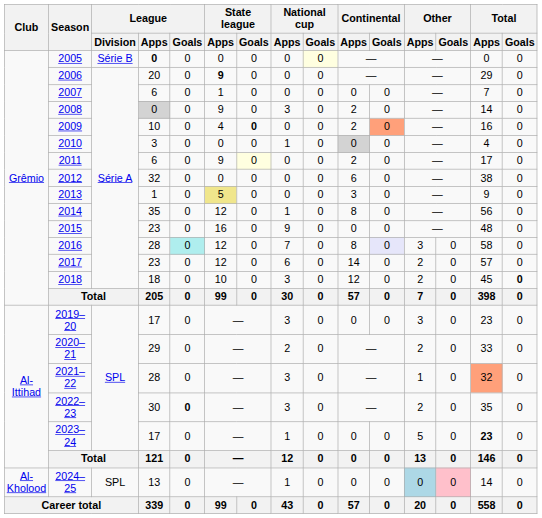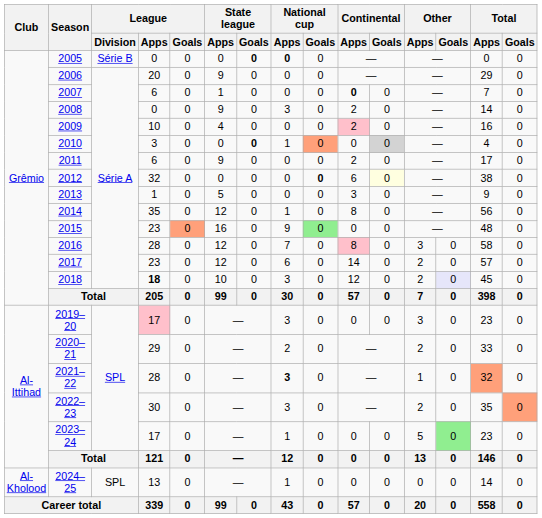 <table class="wikitable" style="text-align:center">
 <tr>
 <th rowspan="2">Club</th>
 <th rowspan="2">Season</th>
 <th colspan="3">League</th>
 <th colspan="2">State league</th>
 <th colspan="2">National cup</th>
 <th colspan="2">Continental</th>
 <th colspan="2">Other</th>
 <th colspan="2">Total</th>
 </tr>
 <tr>
 <th>Division</th>
 <th>Apps</th>
 <th>Goals</th>
 <th>Apps</th>
 <th>Goals</th>
 <th>Apps</th>
 <th>Goals</th>
 <th>Apps</th>
 <th>Goals</th>
 <th>Apps</th>
 <th>Goals</th>
 <th>Apps</th>
 <th>Goals</th>
 </tr>
 <tr>
 <td rowspan="15"><a href='#'>Grêmio</a></td>
 <td><a href='#'>2005</a></td>
 <td><a href='#'>Série B</a></td>
-<td><strong>0</strong></td>
 <td>0</td>
 <td>0</td>
 <td>0</td>
+<td><strong>0</strong></td>
+<td><strong>0</strong></td>
 <td>0</td>
-<td style="background: lightyellow;">0</td>
 <td colspan="2">—</td>
 <td colspan="2">—</td>
 <td>0</td>
 <td>0</td>
 </tr>
 <tr>
 <td><a href='#'>2006</a></td>
 <td rowspan="13"><a href='#'>Série A</a></td>
 <td>20</td>
 <td>0</td>
-<td><strong>9</strong></td>
+<td>9</td>
 <td>0</td>
 <td>0</td>
 <td>0</td>
 <td colspan="2">—</td>
 <td colspan="2">—</td>
 <td>29</td>
 <td>0</td>
 </tr>
 <tr>
 <td><a href='#'>2007</a></td>
 <td>6</td>
 <td>0</td>
 <td>1</td>
 <td>0</td>
 <td>0</td>
 <td>0</td>
-<td>0</td>
+<td><strong>0</strong></td>
 <td>0</td>
 <td colspan="2">—</td>
 <td>7</td>
 <td>0</td>
 </tr>
 <tr>
 <td><a href='#'>2008</a></td>
-<td style="background: lightgrey;">0</td>
+<td>0</td>
 <td>0</td>
 <td>9</td>
 <td>0</td>
 <td>3</td>
 <td>0</td>
 <td>2</td>
 <td>0</td>
 <td colspan="2">—</td>
 <td>14</td>
 <td>0</td>
 </tr>
 <tr>
 <td><a href='#'>2009</a></td>
 <td>10</td>
 <td>0</td>
 <td>4</td>
-<td><strong>0</strong></td>
 <td>0</td>
 <td>0</td>
-<td>2</td>
-<td style="background: lightsalmon;">0</td>
+<td>0</td>
+<td style="background: pink;">2</td>
+<td>0</td>
 <td colspan="2">—</td>
 <td>16</td>
 <td>0</td>
 </tr>
 <tr>
 <td><a href='#'>2010</a></td>
 <td>3</td>
 <td>0</td>
 <td>0</td>
-<td>0</td>
+<td><strong>0</strong></td>
 <td>1</td>
+<td style="background: lightsalmon;">0</td>
 <td>0</td>
 <td style="background: lightgrey;">0</td>
-<td>0</td>
 <td colspan="2">—</td>
 <td>4</td>
 <td>0</td>
 </tr>
 <tr>
 <td><a href='#'>2011</a></td>
 <td>6</td>
 <td>0</td>
 <td>9</td>
-<td style="background: lightyellow;">0</td>
+<td>0</td>
 <td>0</td>
 <td>0</td>
 <td>2</td>
 <td>0</td>
 <td colspan="2">—</td>
 <td>17</td>
 <td>0</td>
 </tr>
 <tr>
 <td><a href='#'>2012</a></td>
 <td>32</td>
 <td>0</td>
 <td>0</td>
 <td>0</td>
 <td>0</td>
-<td>0</td>
+<td><strong>0</strong></td>
 <td>6</td>
-<td>0</td>
+<td style="background: lightyellow;">0</td>
 <td colspan="2">—</td>
 <td>38</td>
 <td>0</td>
 </tr>
 <tr>
 <td><a href='#'>2013</a></td>
 <td>1</td>
 <td>0</td>
-<td style="background: khaki;">5</td>
+<td>5</td>
 <td>0</td>
 <td>0</td>
 <td>0</td>
 <td>3</td>
 <td>0</td>
 <td colspan="2">—</td>
 <td>9</td>
 <td>0</td>
 </tr>
 <tr>
 <td><a href='#'>2014</a></td>
 <td>35</td>
 <td>0</td>
 <td>12</td>
 <td>0</td>
 <td>1</td>
 <td>0</td>
 <td>8</td>
 <td>0</td>
 <td colspan="2">—</td>
 <td>56</td>
 <td>0</td>
 </tr>
 <tr>
 <td><a href='#'>2015</a></td>
 <td>23</td>
-<td>0</td>
+<td style="background: lightsalmon;">0</td>
 <td>16</td>
 <td>0</td>
 <td>9</td>
-<td>0</td>
+<td style="background: lightgreen;">0</td>
 <td>0</td>
 <td>0</td>
 <td colspan="2">—</td>
 <td>48</td>
 <td>0</td>
 </tr>
 <tr>
 <td><a href='#'>2016</a></td>
 <td>28</td>
-<td style="background: paleturquoise;">0</td>
+<td>0</td>
 <td>12</td>
 <td>0</td>
 <td>7</td>
 <td>0</td>
-<td>8</td>
-<td style="background: lavender;">0</td>
+<td style="background: pink;">8</td>
+<td>0</td>
 <td>3</td>
 <td>0</td>
 <td>58</td>
 <td>0</td>
 </tr>
 <tr>
 <td><a href='#'>2017</a></td>
 <td>23</td>
 <td>0</td>
 <td>12</td>
 <td>0</td>
 <td>6</td>
 <td>0</td>
 <td>14</td>
 <td>0</td>
 <td>2</td>
 <td>0</td>
 <td>57</td>
 <td>0</td>
 </tr>
 <tr>
 <td><a href='#'>2018</a></td>
-<td>18</td>
+<td><strong>18</strong></td>
 <td>0</td>
 <td>10</td>
 <td>0</td>
 <td>3</td>
 <td>0</td>
 <td>12</td>
 <td>0</td>
 <td>2</td>
+<td style="background: lavender;">0</td>
+<td>45</td>
 <td>0</td>
-<td>45</td>
-<td><strong>0</strong></td>
 </tr>
 <tr>
 <th colspan="2">Total</th>
 <th>205</th>
 <th>0</th>
 <th>99</th>
 <th>0</th>
 <th>30</th>
 <th>0</th>
 <th>57</th>
 <th>0</th>
 <th>7</th>
 <th>0</th>
 <th>398</th>
 <th>0</th>
 </tr>
 <tr>
 <td rowspan="6"><a href='#'>Al-Ittihad</a></td>
 <td><a href='#'>2019–20</a></td>
 <td rowspan="5"><a href='#'>SPL</a></td>
-<td>17</td>
+<td style="background: pink;">17</td>
 <td>0</td>
 <td colspan="2">—</td>
 <td>3</td>
 <td>0</td>
 <td>0</td>
 <td>0</td>
 <td>3</td>
 <td>0</td>
 <td>23</td>
 <td>0</td>
 </tr>
 <tr>
 <td><a href='#'>2020–21</a></td>
 <td>29</td>
 <td>0</td>
 <td colspan="2">—</td>
 <td>2</td>
 <td>0</td>
 <td colspan="2">—</td>
 <td>2</td>
 <td>0</td>
 <td>33</td>
 <td>0</td>
 </tr>
 <tr>
 <td><a href='#'>2021–22</a></td>
 <td>28</td>
 <td>0</td>
 <td colspan="2">—</td>
-<td>3</td>
+<td><strong>3</strong></td>
 <td>0</td>
 <td colspan="2">—</td>
 <td>1</td>
 <td>0</td>
 <td style="background: lightsalmon;">32</td>
 <td>0</td>
 </tr>
 <tr>
 <td><a href='#'>2022–23</a></td>
 <td>30</td>
-<td><strong>0</strong></td>
+<td>0</td>
 <td colspan="2">—</td>
 <td>3</td>
 <td>0</td>
 <td colspan="2">—</td>
 <td>2</td>
 <td>0</td>
 <td>35</td>
-<td>0</td>
+<td style="background: lightsalmon;">0</td>
 </tr>
 <tr>
 <td><a href='#'>2023–24</a></td>
 <td>17</td>
 <td>0</td>
 <td colspan="2">—</td>
 <td>1</td>
 <td>0</td>
 <td>0</td>
 <td>0</td>
 <td>5</td>
-<td>0</td>
-<td><strong>23</strong></td>
+<td style="background: lightgreen;">0</td>
+<td>23</td>
 <td>0</td>
 </tr>
 <tr>
 <th colspan="2">Total</th>
 <th>121</th>
 <th>0</th>
 <th colspan="2">—</th>
 <th>12</th>
 <th>0</th>
 <th>0</th>
 <th>0</th>
 <th>13</th>
 <th>0</th>
 <th>146</th>
 <th>0</th>
 </tr>
 <tr>
 <td><a href='#'>Al-Kholood</a></td>
 <td><a href='#'>2024–25</a></td>
 <td>SPL</td>
 <td>13</td>
 <td>0</td>
 <td colspan="2">—</td>
 <td>1</td>
 <td>0</td>
 <td>0</td>
 <td>0</td>
-<td style="background: lightblue;">0</td>
-<td style="background: pink;">0</td>
+<td>0</td>
+<td>0</td>
 <td>14</td>
 <td>0</td>
 </tr>
 <tr>
 <th colspan="3">Career total</th>
 <th>339</th>
 <th>0</th>
 <th>99</th>
 <th>0</th>
 <th>43</th>
 <th>0</th>
 <th>57</th>
 <th>0</th>
 <th>20</th>
 <th>0</th>
 <th>558</th>
 <th>0</th>
 </tr>
 </table>
